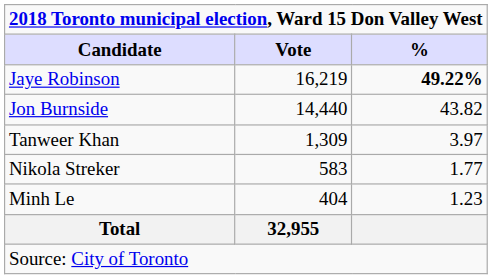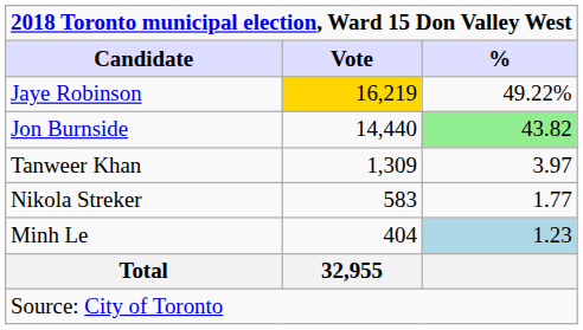 <table class="wikitable plainrowheaders">
 <tr>
 <td colspan="3"><strong><a href='#'>2018 Toronto municipal election</a>, Ward 15 Don Valley West</strong></td>
 </tr>
 <tr>
 <th scope="col" style="background:#ddf;">Candidate</th>
 <th scope="col" style="background:#ddf;">Vote</th>
 <th scope="col" style="background:#ddf;">%</th>
 </tr>
 <tr>
 <td scope="row"><a href='#'>Jaye Robinson</a></td>
-<td align="right">16,219</td>
-<td align="right"><strong>49.22%</strong></td>
+<td align="right" style="background: gold;">16,219</td>
+<td align="right">49.22%</td>
 </tr>
 <tr>
 <td scope="row"><a href='#'>Jon Burnside</a></td>
 <td align="right">14,440</td>
-<td align="right">43.82</td>
+<td align="right" style="background: lightgreen;">43.82</td>
 </tr>
 <tr>
 <td scope="row">Tanweer Khan</td>
 <td align="right">1,309</td>
 <td align="right">3.97</td>
 </tr>
 <tr>
 <td scope="row">Nikola Streker</td>
 <td align="right">583</td>
 <td align="right">1.77</td>
 </tr>
 <tr>
 <td scope="row">Minh Le</td>
 <td align="right">404</td>
-<td align="right">1.23</td>
+<td align="right" style="background: lightblue;">1.23</td>
 </tr>
 <tr>
 <th scope="row"><strong>Total</strong></th>
 <th align="right">32,955</th>
 <th align="right"></th>
 </tr>
 <tr>
 <td colspan="3">Source: <a href='#'>City of Toronto</a></td>
 </tr>
 </table>
